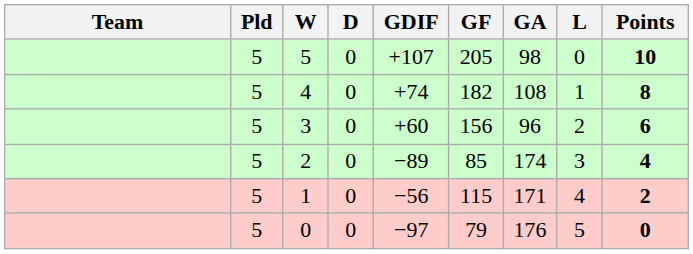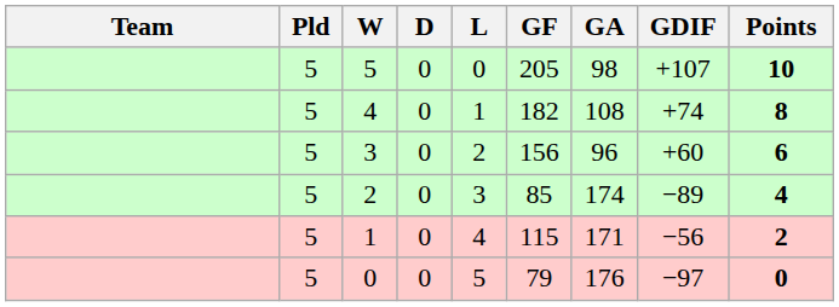 <table class=wikitable style="text-align:center" width=500>
 <tr>
 <th width=25%>Team</th>
 <th width=5%>Pld</th>
 <th width=5%>W</th>
 <th width=5%>D</th>
-<th width=5%>GDIF</th>
+<th width=5%>L</th>
 <th width=5%>GF</th>
 <th width=5%>GA</th>
-<th width=5%>L</th>
+<th width=5%>GDIF</th>
 <th width=8%>Points</th>
 </tr>
 <tr bgcolor=ccffcc>
 <td align="left"></td>
 <td>5</td>
 <td>5</td>
 <td>0</td>
-<td>+107</td>
+<td>0</td>
 <td>205</td>
 <td>98</td>
-<td>0</td>
+<td>+107</td>
 <td><strong>10</strong></td>
 </tr>
 <tr bgcolor=ccffcc>
 <td align="left"></td>
 <td>5</td>
 <td>4</td>
 <td>0</td>
-<td>+74</td>
+<td>1</td>
 <td>182</td>
 <td>108</td>
-<td>1</td>
+<td>+74</td>
 <td><strong>8</strong></td>
 </tr>
 <tr bgcolor=ccffcc>
 <td align="left"></td>
 <td>5</td>
 <td>3</td>
 <td>0</td>
-<td>+60</td>
+<td>2</td>
 <td>156</td>
 <td>96</td>
-<td>2</td>
+<td>+60</td>
 <td><strong>6</strong></td>
 </tr>
 <tr bgcolor=ccffcc>
 <td align="left"></td>
 <td>5</td>
 <td>2</td>
 <td>0</td>
-<td>−89</td>
+<td>3</td>
 <td>85</td>
 <td>174</td>
-<td>3</td>
+<td>−89</td>
 <td><strong>4</strong></td>
 </tr>
 <tr bgcolor=ffcccc>
 <td align="left"></td>
 <td>5</td>
 <td>1</td>
 <td>0</td>
-<td>−56</td>
+<td>4</td>
 <td>115</td>
 <td>171</td>
-<td>4</td>
+<td>−56</td>
 <td><strong>2</strong></td>
 </tr>
 <tr bgcolor=ffcccc>
 <td align="left"></td>
 <td>5</td>
 <td>0</td>
 <td>0</td>
-<td>−97</td>
+<td>5</td>
 <td>79</td>
 <td>176</td>
-<td>5</td>
+<td>−97</td>
 <td><strong>0</strong></td>
 </tr>
 </table>
